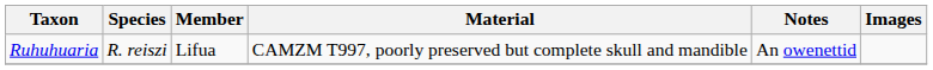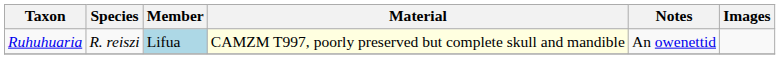 <table class="wikitable sortable">
 <tr>
 <th>Taxon</th>
 <th>Species</th>
 <th>Member</th>
 <th class="unsortable">Material</th>
 <th class="unsortable">Notes</th>
 <th class="unsortable">Images</th>
 </tr>
 <tr>
 <td><em><a href='#'>Ruhuhuaria</a></em></td>
 <td><em>R. reiszi</em></td>
-<td>Lifua</td>
-<td>CAMZM T997, poorly preserved but complete skull and mandible</td>
+<td style="background: lightblue;">Lifua</td>
+<td style="background: lightyellow;">CAMZM T997, poorly preserved but complete skull and mandible</td>
 <td>An <a href='#'>owenettid</a></td>
 <td></td>
 </tr>
 <tr>
 </tr>
 </table>
